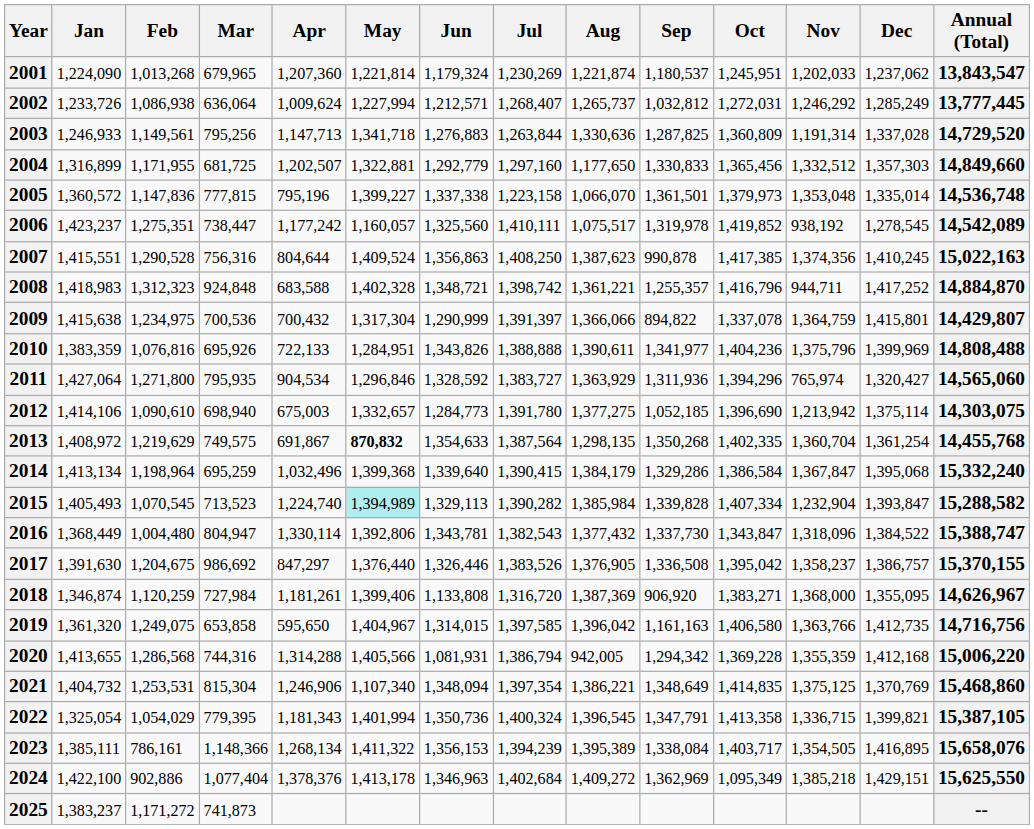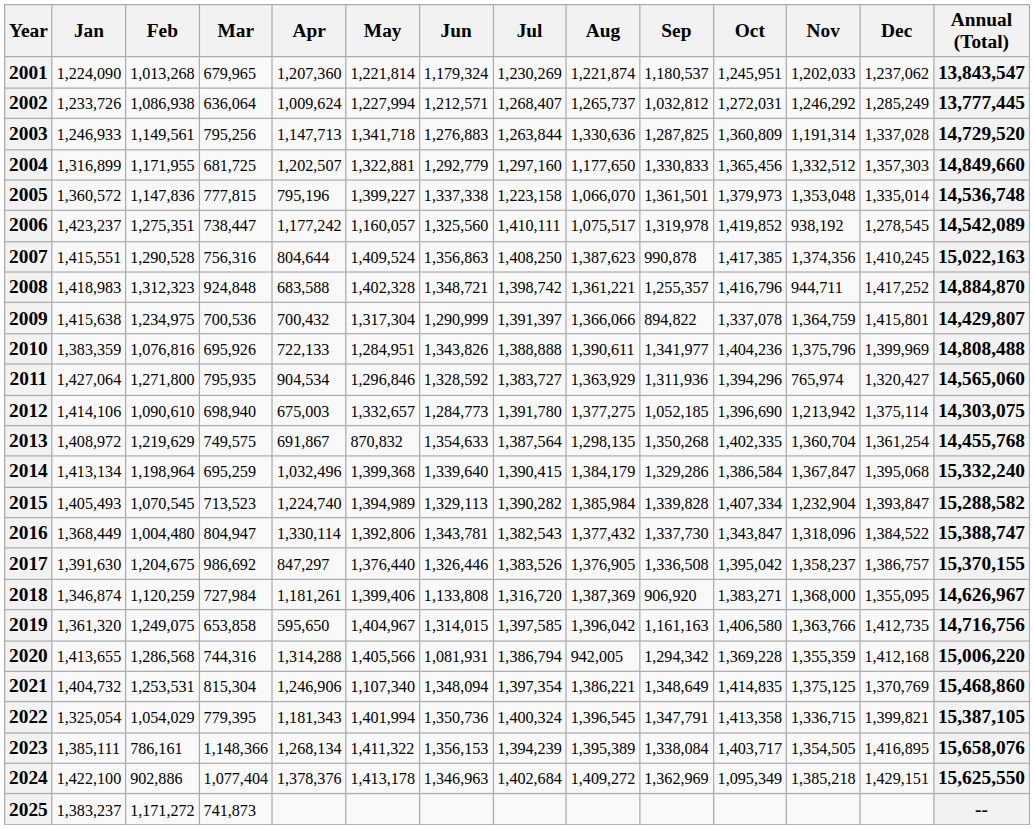 <table class="wikitable">
 <tr>
 <th>Year</th>
 <th>Jan</th>
 <th>Feb</th>
 <th>Mar</th>
 <th>Apr</th>
 <th>May</th>
 <th>Jun</th>
 <th>Jul</th>
 <th>Aug</th>
 <th>Sep</th>
 <th>Oct</th>
 <th>Nov</th>
 <th>Dec</th>
 <th>Annual (Total)</th>
 </tr>
 <tr>
 <th>2001</th>
 <td><small>1,224,090</small></td>
 <td><small>1,013,268</small></td>
 <td><small>679,965</small></td>
 <td><small>1,207,360</small></td>
 <td><small>1,221,814</small></td>
 <td><small>1,179,324</small></td>
 <td><small>1,230,269</small></td>
 <td><small>1,221,874</small></td>
 <td><small>1,180,537</small></td>
 <td><small>1,245,951</small></td>
 <td><small>1,202,033</small></td>
 <td><small>1,237,062</small></td>
 <th>13,843,547</th>
 </tr>
 <tr>
 <th>2002</th>
 <td><small>1,233,726</small></td>
 <td><small>1,086,938</small></td>
 <td><small>636,064</small></td>
 <td><small>1,009,624</small></td>
 <td><small>1,227,994</small></td>
 <td><small>1,212,571</small></td>
 <td><small>1,268,407</small></td>
 <td><small>1,265,737</small></td>
 <td><small>1,032,812</small></td>
 <td><small>1,272,031</small></td>
 <td><small>1,246,292</small></td>
 <td><small>1,285,249</small></td>
 <th>13,777,445</th>
 </tr>
 <tr>
 <th>2003</th>
 <td><small>1,246,933</small></td>
 <td><small>1,149,561</small></td>
 <td><small>795,256</small></td>
 <td><small>1,147,713</small></td>
 <td><small>1,341,718</small></td>
 <td><small>1,276,883</small></td>
 <td><small>1,263,844</small></td>
 <td><small>1,330,636</small></td>
 <td><small>1,287,825</small></td>
 <td><small>1,360,809</small></td>
 <td><small>1,191,314</small></td>
 <td><small>1,337,028</small></td>
 <th>14,729,520</th>
 </tr>
 <tr>
 <th>2004</th>
 <td><small>1,316,899</small></td>
 <td><small>1,171,955</small></td>
 <td><small>681,725</small></td>
 <td><small>1,202,507</small></td>
 <td><small>1,322,881</small></td>
 <td><small>1,292,779</small></td>
 <td><small>1,297,160</small></td>
 <td><small>1,177,650</small></td>
 <td><small>1,330,833</small></td>
 <td><small>1,365,456</small></td>
 <td><small>1,332,512</small></td>
 <td><small>1,357,303</small></td>
 <th>14,849,660</th>
 </tr>
 <tr>
 <th>2005</th>
 <td><small>1,360,572</small></td>
 <td><small>1,147,836</small></td>
 <td><small>777,815</small></td>
 <td><small>795,196</small></td>
 <td><small>1,399,227</small></td>
 <td><small>1,337,338</small></td>
 <td><small>1,223,158</small></td>
 <td><small>1,066,070</small></td>
 <td><small>1,361,501</small></td>
 <td><small>1,379,973</small></td>
 <td><small>1,353,048</small></td>
 <td><small>1,335,014</small></td>
 <th>14,536,748</th>
 </tr>
 <tr>
 <th>2006</th>
 <td><small>1,423,237</small></td>
 <td><small>1,275,351</small></td>
 <td><small>738,447</small></td>
 <td><small>1,177,242</small></td>
 <td><small>1,160,057</small></td>
 <td><small>1,325,560</small></td>
 <td><small>1,410,111</small></td>
 <td><small>1,075,517</small></td>
 <td><small>1,319,978</small></td>
 <td><small>1,419,852</small></td>
 <td><small>938,192</small></td>
 <td><small>1,278,545</small></td>
 <th>14,542,089</th>
 </tr>
 <tr>
 <th>2007</th>
 <td><small>1,415,551</small></td>
 <td><small>1,290,528</small></td>
 <td><small>756,316</small></td>
 <td><small>804,644</small></td>
 <td><small>1,409,524</small></td>
 <td><small>1,356,863</small></td>
 <td><small>1,408,250</small></td>
 <td><small>1,387,623</small></td>
 <td><small>990,878</small></td>
 <td><small>1,417,385</small></td>
 <td><small>1,374,356</small></td>
 <td><small>1,410,245</small></td>
 <th>15,022,163</th>
 </tr>
 <tr>
 <th>2008</th>
 <td><small>1,418,983</small></td>
 <td><small>1,312,323</small></td>
 <td><small>924,848</small></td>
 <td><small>683,588</small></td>
 <td><small>1,402,328</small></td>
 <td><small>1,348,721</small></td>
 <td><small>1,398,742</small></td>
 <td><small>1,361,221</small></td>
 <td><small>1,255,357</small></td>
 <td><small>1,416,796</small></td>
 <td><small>944,711</small></td>
 <td><small>1,417,252</small></td>
 <th>14,884,870</th>
 </tr>
 <tr>
 <th>2009</th>
 <td><small>1,415,638</small></td>
 <td><small>1,234,975</small></td>
 <td><small>700,536</small></td>
 <td><small>700,432</small></td>
 <td><small>1,317,304</small></td>
 <td><small>1,290,999</small></td>
 <td><small>1,391,397</small></td>
 <td><small>1,366,066</small></td>
 <td><small>894,822</small></td>
 <td><small>1,337,078</small></td>
 <td><small>1,364,759</small></td>
 <td><small>1,415,801</small></td>
 <th>14,429,807</th>
 </tr>
 <tr>
 <th>2010</th>
 <td><small>1,383,359</small></td>
 <td><small>1,076,816</small></td>
 <td><small>695,926</small></td>
 <td><small>722,133</small></td>
 <td><small>1,284,951</small></td>
 <td><small>1,343,826</small></td>
 <td><small>1,388,888</small></td>
 <td><small>1,390,611</small></td>
 <td><small>1,341,977</small></td>
 <td><small>1,404,236</small></td>
 <td><small>1,375,796</small></td>
 <td><small>1,399,969</small></td>
 <th>14,808,488</th>
 </tr>
 <tr>
 <th>2011</th>
 <td><small>1,427,064</small></td>
 <td><small>1,271,800</small></td>
 <td><small>795,935</small></td>
 <td><small>904,534</small></td>
 <td><small>1,296,846</small></td>
 <td><small>1,328,592</small></td>
 <td><small>1,383,727</small></td>
 <td><small>1,363,929</small></td>
 <td><small>1,311,936</small></td>
 <td><small>1,394,296</small></td>
 <td><small>765,974</small></td>
 <td><small>1,320,427</small></td>
 <th>14,565,060</th>
 </tr>
 <tr>
 <th>2012</th>
 <td><small>1,414,106</small></td>
 <td><small>1,090,610</small></td>
 <td><small>698,940</small></td>
 <td><small>675,003</small></td>
 <td><small>1,332,657</small></td>
 <td><small>1,284,773</small></td>
 <td><small>1,391,780</small></td>
 <td><small>1,377,275</small></td>
 <td><small>1,052,185</small></td>
 <td><small>1,396,690</small></td>
 <td><small>1,213,942</small></td>
 <td><small>1,375,114</small></td>
 <th>14,303,075</th>
 </tr>
 <tr>
 <th>2013</th>
 <td><small>1,408,972</small></td>
 <td><small>1,219,629</small></td>
 <td><small>749,575</small></td>
 <td><small>691,867</small></td>
-<td><strong><small>870,832</small></strong></td>
+<td><small>870,832</small></td>
 <td><small>1,354,633</small></td>
 <td><small>1,387,564</small></td>
 <td><small>1,298,135</small></td>
 <td><small>1,350,268</small></td>
 <td><small>1,402,335</small></td>
 <td><small>1,360,704</small></td>
 <td><small>1,361,254</small></td>
 <th>14,455,768</th>
 </tr>
 <tr>
 <th>2014</th>
 <td><small>1,413,134</small></td>
 <td><small>1,198,964</small></td>
 <td><small>695,259</small></td>
 <td><small>1,032,496</small></td>
 <td><small>1,399,368</small></td>
 <td><small>1,339,640</small></td>
 <td><small>1,390,415</small></td>
 <td><small>1,384,179</small></td>
 <td><small>1,329,286</small></td>
 <td><small>1,386,584</small></td>
 <td><small>1,367,847</small></td>
 <td><small>1,395,068</small></td>
 <th>15,332,240</th>
 </tr>
 <tr>
 <th>2015</th>
 <td><small>1,405,493</small></td>
 <td><small>1,070,545</small></td>
 <td><small>713,523</small></td>
 <td><small>1,224,740</small></td>
-<td style="background: paleturquoise;"><small>1,394,989</small></td>
+<td><small>1,394,989</small></td>
 <td><small>1,329,113</small></td>
 <td><small>1,390,282</small></td>
 <td><small>1,385,984</small></td>
 <td><small>1,339,828</small></td>
 <td><small>1,407,334</small></td>
 <td><small>1,232,904</small></td>
 <td><small>1,393,847</small></td>
 <th>15,288,582</th>
 </tr>
 <tr>
 <th>2016</th>
 <td><small>1,368,449</small></td>
 <td><small>1,004,480</small></td>
 <td><small>804,947</small></td>
 <td><small>1,330,114</small></td>
 <td><small>1,392,806</small></td>
 <td><small>1,343,781</small></td>
 <td><small>1,382,543</small></td>
 <td><small>1,377,432</small></td>
 <td><small>1,337,730</small></td>
 <td><small>1,343,847</small></td>
 <td><small>1,318,096</small></td>
 <td><small>1,384,522</small></td>
 <th>15,388,747</th>
 </tr>
 <tr>
 <th>2017</th>
 <td><small>1,391,630</small></td>
 <td><small>1,204,675</small></td>
 <td><small>986,692</small></td>
 <td><small>847,297</small></td>
 <td><small>1,376,440</small></td>
 <td><small>1,326,446</small></td>
 <td><small>1,383,526</small></td>
 <td><small>1,376,905</small></td>
 <td><small>1,336,508</small></td>
 <td><small>1,395,042</small></td>
 <td><small>1,358,237</small></td>
 <td><small>1,386,757</small></td>
 <th>15,370,155</th>
 </tr>
 <tr>
 <th>2018</th>
 <td><small>1,346,874</small></td>
 <td><small>1,120,259</small></td>
 <td><small>727,984</small></td>
 <td><small>1,181,261</small></td>
 <td><small>1,399,406</small></td>
 <td><small>1,133,808</small></td>
 <td><small>1,316,720</small></td>
 <td><small>1,387,369</small></td>
 <td><small>906,920</small></td>
 <td><small>1,383,271</small></td>
 <td><small>1,368,000</small></td>
 <td><small>1,355,095</small></td>
 <th>14,626,967</th>
 </tr>
 <tr>
 <th>2019</th>
 <td><small>1,361,320</small></td>
 <td><small>1,249,075</small></td>
 <td><small>653,858</small></td>
 <td><small>595,650</small></td>
 <td><small>1,404,967</small></td>
 <td><small>1,314,015</small></td>
 <td><small>1,397,585</small></td>
 <td><small>1,396,042</small></td>
 <td><small>1,161,163</small></td>
 <td><small>1,406,580</small></td>
 <td><small>1,363,766</small></td>
 <td><small>1,412,735</small></td>
 <th>14,716,756</th>
 </tr>
 <tr>
 <th>2020</th>
 <td><small>1,413,655</small></td>
 <td><small>1,286,568</small></td>
 <td><small>744,316</small></td>
 <td><small>1,314,288</small></td>
 <td><small>1,405,566</small></td>
 <td><small>1,081,931</small></td>
 <td><small>1,386,794</small></td>
 <td><small>942,005</small></td>
 <td><small>1,294,342</small></td>
 <td><small>1,369,228</small></td>
 <td><small>1,355,359</small></td>
 <td><small>1,412,168</small></td>
 <th>15,006,220</th>
 </tr>
 <tr>
 <th>2021</th>
 <td><small>1,404,732</small></td>
 <td><small>1,253,531</small></td>
 <td><small>815,304</small></td>
 <td><small>1,246,906</small></td>
 <td><small>1,107,340</small></td>
 <td><small>1,348,094</small></td>
 <td><small>1,397,354</small></td>
 <td><small>1,386,221</small></td>
 <td><small>1,348,649</small></td>
 <td><small>1,414,835</small></td>
 <td><small>1,375,125</small></td>
 <td><small>1,370,769</small></td>
 <th>15,468,860</th>
 </tr>
 <tr>
 <th>2022</th>
 <td><small>1,325,054</small></td>
 <td><small>1,054,029</small></td>
 <td><small>779,395</small></td>
 <td><small>1,181,343</small></td>
 <td><small>1,401,994</small></td>
 <td><small>1,350,736</small></td>
 <td><small>1,400,324</small></td>
 <td><small>1,396,545</small></td>
 <td><small>1,347,791</small></td>
 <td><small>1,413,358</small></td>
 <td><small>1,336,715</small></td>
 <td><small>1,399,821</small></td>
 <th>15,387,105</th>
 </tr>
 <tr>
 <th>2023</th>
 <td><small>1,385,111</small></td>
 <td><small>786,161</small></td>
 <td><small>1,148,366</small></td>
 <td><small>1,268,134</small></td>
 <td><small>1,411,322</small></td>
 <td><small>1,356,153</small></td>
 <td><small>1,394,239</small></td>
 <td><small>1,395,389</small></td>
 <td><small>1,338,084</small></td>
 <td><small>1,403,717</small></td>
 <td><small>1,354,505</small></td>
 <td><small>1,416,895</small></td>
 <th>15,658,076</th>
 </tr>
 <tr>
 <th>2024</th>
 <td><small>1,422,100</small></td>
 <td><small>902,886</small></td>
 <td><small>1,077,404</small></td>
 <td><small>1,378,376</small></td>
 <td><small>1,413,178</small></td>
 <td><small>1,346,963</small></td>
 <td><small>1,402,684</small></td>
 <td><small>1,409,272</small></td>
 <td><small>1,362,969</small></td>
 <td><small>1,095,349</small></td>
 <td><small>1,385,218</small></td>
 <td><small>1,429,151</small></td>
 <th>15,625,550</th>
 </tr>
 <tr>
 <th>2025</th>
 <td><small>1,383,237</small></td>
 <td><small>1,171,272</small></td>
 <td><small>741,873</small></td>
 <td><small></small></td>
 <td><small></small></td>
 <td><small></small></td>
 <td><small></small></td>
 <td><small></small></td>
 <td><small></small></td>
 <td><small></small></td>
 <td><small></small></td>
 <td><small></small></td>
 <th>--</th>
 </tr>
 <tr>
 </tr>
 </table>
